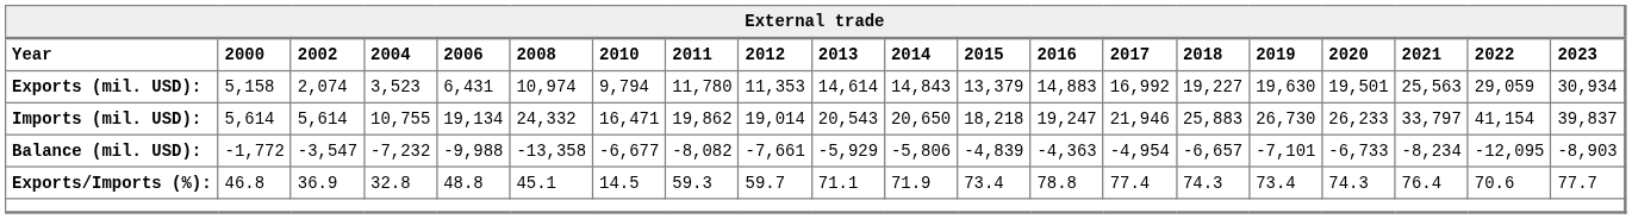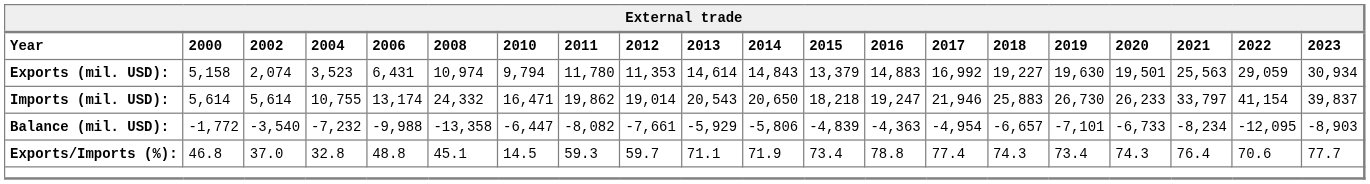 <table border="1" cellpadding="4" cellspacing="0" class="toccolours" style="align:left; margin:0.5em 0 0; border-style:solid; border:1px solid #7f7f7f; border-right-width:2px; border-bottom-width:2px; border-collapse:collapse; font-size:88%;">
 <tr>
 <th colspan=20 style="background: #efefef; border-bottom: 2px solid gray;">External trade</th>
 </tr>
 <tr>
 <td><strong>Year</strong></td>
 <td><strong>2000</strong></td>
 <td><strong>2002</strong></td>
 <td><strong>2004</strong></td>
 <td><strong>2006</strong></td>
 <td><strong>2008</strong></td>
 <td><strong>2010</strong></td>
 <td><strong>2011</strong></td>
 <td><strong>2012</strong></td>
 <td><strong>2013</strong></td>
 <td><strong>2014</strong></td>
 <td><strong>2015</strong></td>
 <td><strong>2016</strong></td>
 <td><strong>2017</strong></td>
 <td><strong>2018</strong></td>
 <td><strong>2019</strong></td>
 <td><strong>2020</strong></td>
 <td><strong>2021</strong></td>
 <td><strong>2022</strong></td>
 <td><strong>2023</strong></td>
 </tr>
 <tr>
 <td><strong>Exports (mil. USD):</strong></td>
 <td>5,158</td>
 <td>2,074</td>
 <td>3,523</td>
 <td>6,431</td>
 <td>10,974</td>
 <td>9,794</td>
 <td>11,780</td>
 <td>11,353</td>
 <td>14,614</td>
 <td>14,843</td>
 <td>13,379</td>
 <td>14,883</td>
 <td>16,992</td>
 <td>19,227</td>
 <td>19,630</td>
 <td>19,501</td>
 <td>25,563</td>
 <td>29,059</td>
 <td>30,934</td>
 </tr>
 <tr>
 <td><strong>Imports (mil. USD):</strong></td>
 <td>5,614</td>
 <td>5,614</td>
 <td>10,755</td>
-<td>19,134</td>
+<td>13,174</td>
 <td>24,332</td>
 <td>16,471</td>
 <td>19,862</td>
 <td>19,014</td>
 <td>20,543</td>
 <td>20,650</td>
 <td>18,218</td>
 <td>19,247</td>
 <td>21,946</td>
 <td>25,883</td>
 <td>26,730</td>
 <td>26,233</td>
 <td>33,797</td>
 <td>41,154</td>
 <td>39,837</td>
 </tr>
 <tr>
 <td><strong>Balance (mil. USD):</strong></td>
 <td>-1,772</td>
-<td>-3,547</td>
+<td>-3,540</td>
 <td>-7,232</td>
 <td>-9,988</td>
 <td>-13,358</td>
-<td>-6,677</td>
+<td>-6,447</td>
 <td>-8,082</td>
 <td>-7,661</td>
 <td>-5,929</td>
 <td>-5,806</td>
 <td>-4,839</td>
 <td>-4,363</td>
 <td>-4,954</td>
 <td>-6,657</td>
 <td>-7,101</td>
 <td>-6,733</td>
 <td>-8,234</td>
 <td>-12,095</td>
 <td>-8,903</td>
 </tr>
 <tr>
 <td><strong>Exports/Imports (%):</strong></td>
 <td>46.8</td>
-<td>36.9</td>
+<td>37.0</td>
 <td>32.8</td>
 <td>48.8</td>
 <td>45.1</td>
 <td>14.5</td>
 <td>59.3</td>
 <td>59.7</td>
 <td>71.1</td>
 <td>71.9</td>
 <td>73.4</td>
 <td>78.8</td>
 <td>77.4</td>
 <td>74.3</td>
 <td>73.4</td>
 <td>74.3</td>
 <td>76.4</td>
 <td>70.6</td>
 <td>77.7</td>
 </tr>
 <tr>
 <td colspan="20"></td>
 </tr>
 </table>
